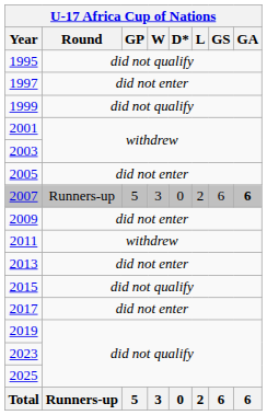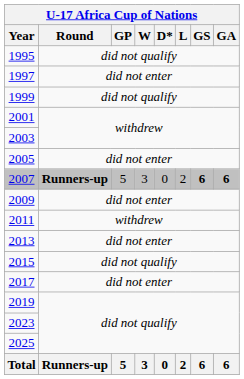 <table class="wikitable" style="text-align: center;">
 <tr>
 <th colspan=8><a href='#'>U-17 Africa Cup of Nations</a></th>
 </tr>
 <tr>
 <th>Year</th>
 <th>Round</th>
 <th>GP</th>
 <th>W</th>
 <th>D*</th>
 <th>L</th>
 <th>GS</th>
 <th>GA</th>
 </tr>
 <tr>
 <td> <a href='#'>1995</a></td>
 <td colspan=7><em>did not qualify</em></td>
 </tr>
 <tr>
 <td> <a href='#'>1997</a></td>
 <td colspan=7><em>did not enter</em></td>
 </tr>
 <tr>
 <td> <a href='#'>1999</a></td>
 <td colspan=7><em>did not qualify</em></td>
 </tr>
 <tr>
 <td> <a href='#'>2001</a></td>
 <td colspan=7 rowspan=2><em>withdrew</em></td>
 </tr>
 <tr>
 <td> <a href='#'>2003</a></td>
 </tr>
 <tr>
 <td> <a href='#'>2005</a></td>
 <td colspan=7><em>did not enter</em></td>
 </tr>
 <tr bgcolor=silver>
 <td> <a href='#'>2007</a></td>
-<td>Runners-up</td>
+<td><strong>Runners-up</strong></td>
 <td>5</td>
 <td>3</td>
 <td>0</td>
 <td>2</td>
-<td>6</td>
+<td><strong>6</strong></td>
 <td><strong>6</strong></td>
 </tr>
 <tr>
 <td> <a href='#'>2009</a></td>
 <td colspan=7><em>did not enter</em></td>
 </tr>
 <tr>
 <td> <a href='#'>2011</a></td>
 <td colspan=7><em>withdrew</em></td>
 </tr>
 <tr>
 <td> <a href='#'>2013</a></td>
 <td colspan=7><em>did not enter</em></td>
 </tr>
 <tr>
 <td> <a href='#'>2015</a></td>
 <td colspan=7><em>did not qualify</em></td>
 </tr>
 <tr>
 <td> <a href='#'>2017</a></td>
 <td colspan=7><em>did not enter</em></td>
 </tr>
 <tr>
 <td> <a href='#'>2019</a></td>
 <td colspan=7 rowspan=3><em>did not qualify</em></td>
 </tr>
 <tr>
 <td> <a href='#'>2023</a></td>
 </tr>
 <tr>
 <td> <a href='#'>2025</a></td>
 </tr>
 <tr>
 <th>Total</th>
 <th>Runners-up</th>
 <th>5</th>
 <th>3</th>
 <th>0</th>
 <th>2</th>
 <th>6</th>
 <th>6</th>
 </tr>
 </table>
